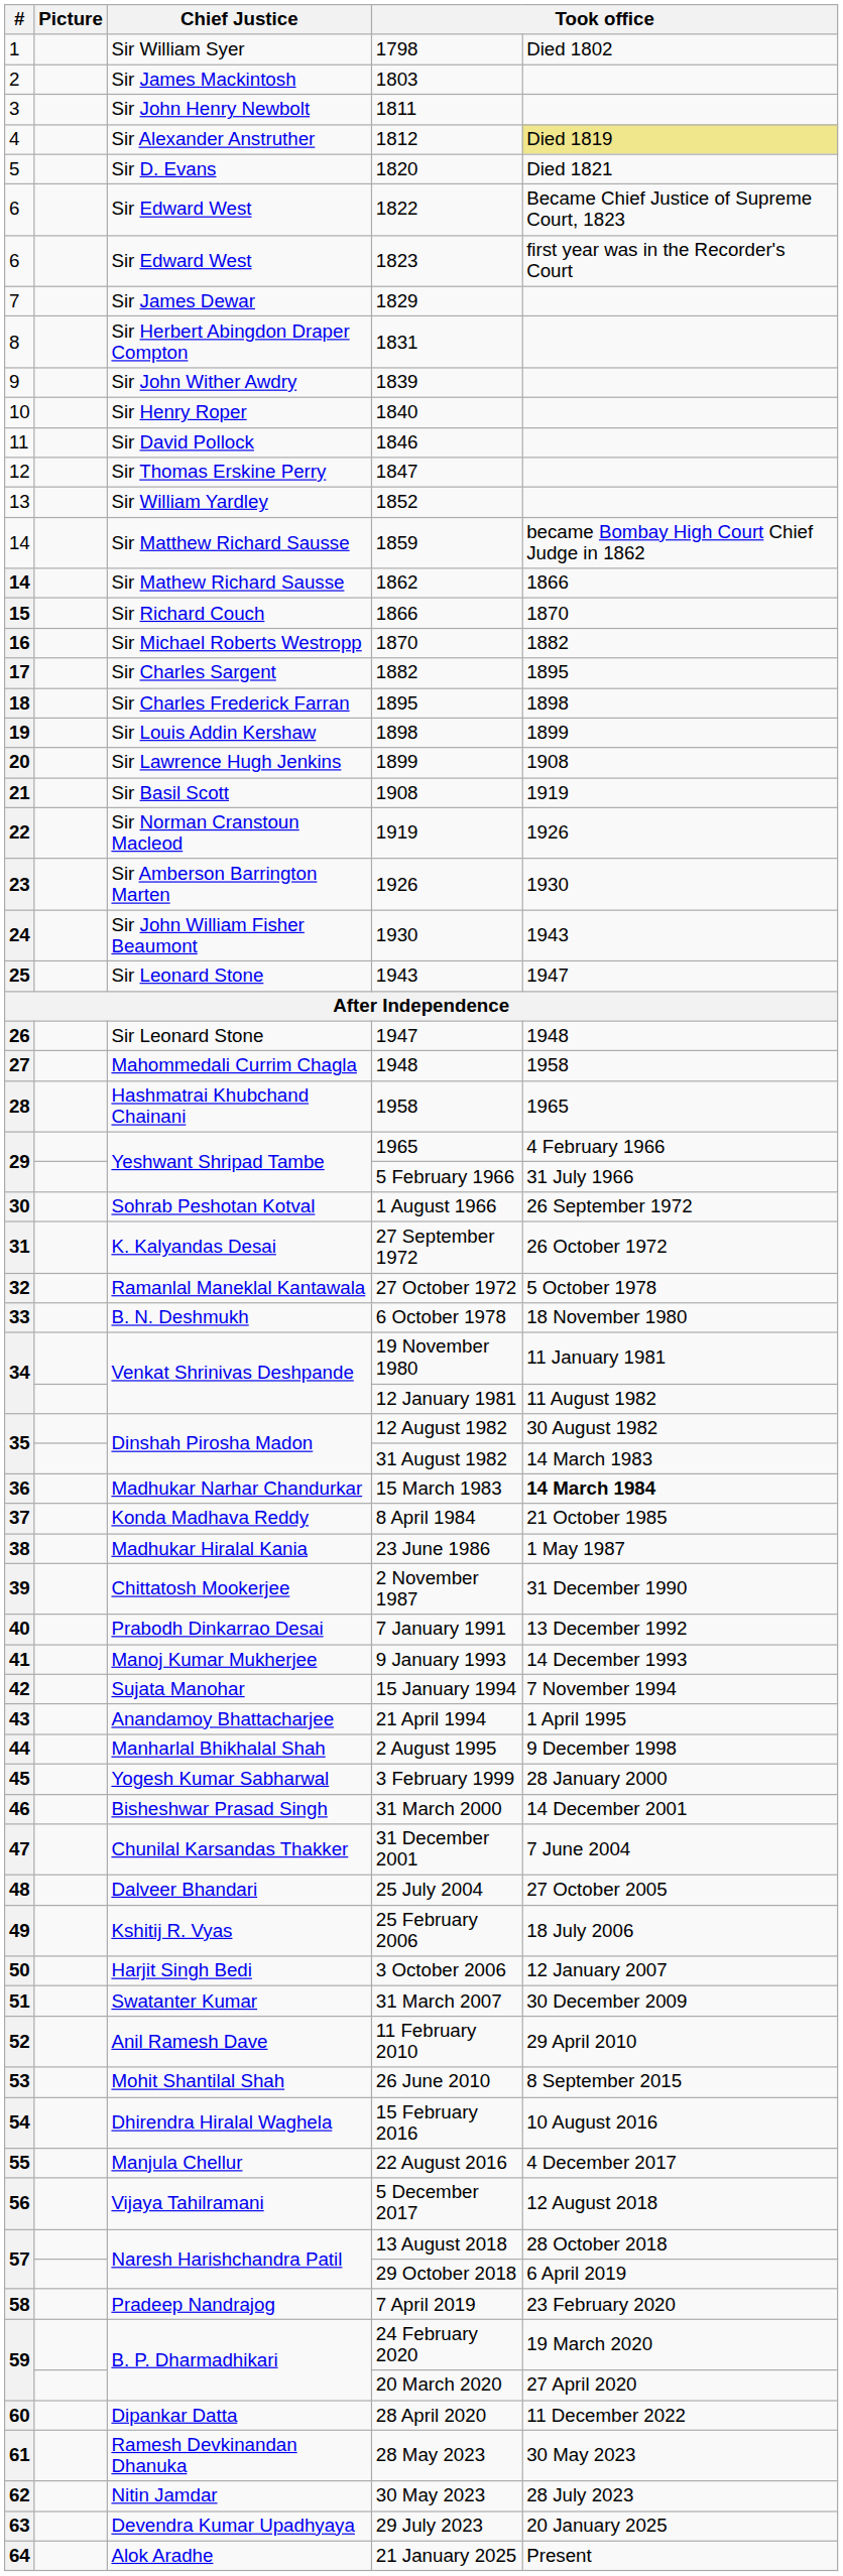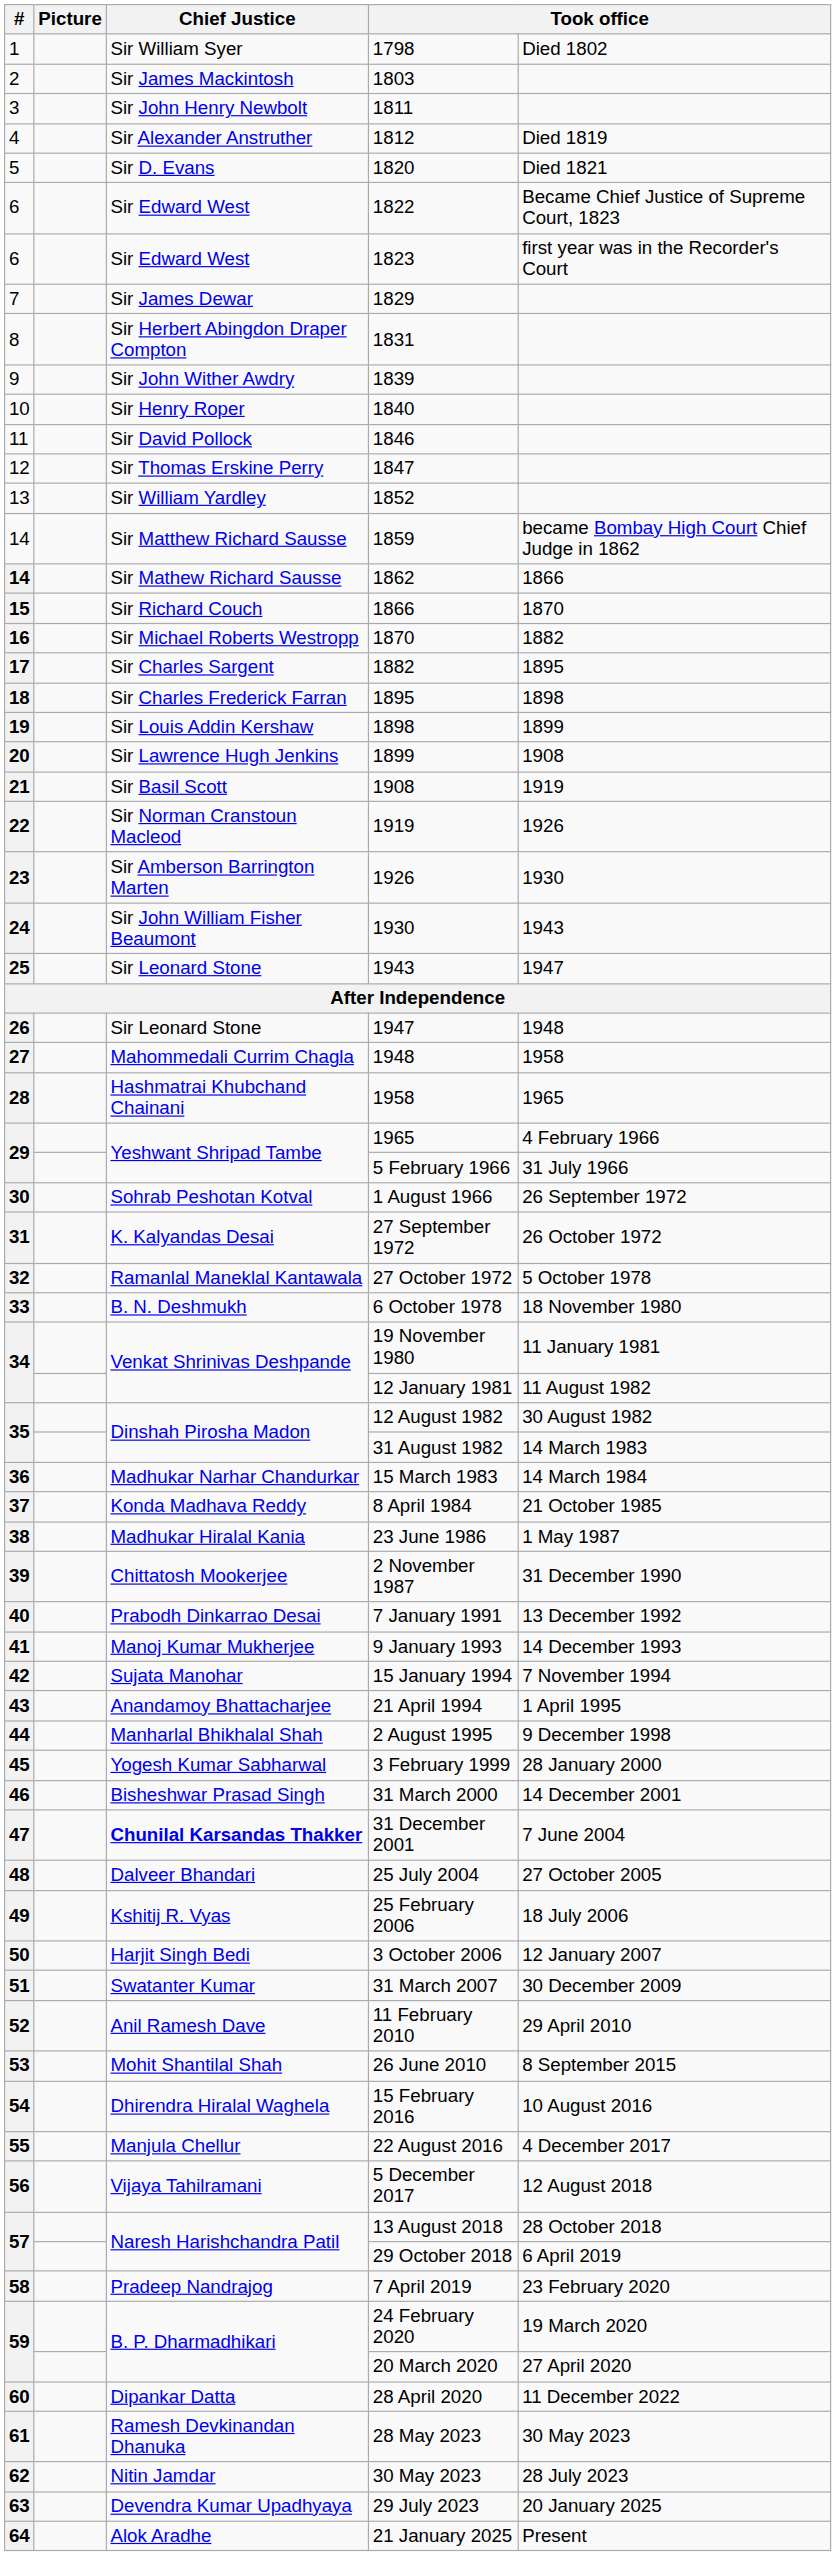 <table class="wikitable" width="80%">
 <tr>
 <th>#</th>
 <th>Picture</th>
 <th>Chief Justice</th>
 <th colspan="2">Took office</th>
 </tr>
 <tr>
 <td>1</td>
 <td></td>
 <td>Sir William Syer </td>
 <td>1798</td>
 <td>Died 1802</td>
 </tr>
 <tr>
 <td>2</td>
 <td></td>
 <td>Sir <a href='#'>James Mackintosh</a></td>
 <td>1803</td>
 <td></td>
 </tr>
 <tr>
 <td>3</td>
 <td></td>
 <td>Sir <a href='#'>John Henry Newbolt</a></td>
 <td>1811</td>
 <td></td>
 </tr>
 <tr>
 <td>4</td>
 <td></td>
 <td>Sir <a href='#'>Alexander Anstruther</a></td>
 <td>1812</td>
-<td style="background: khaki;">Died 1819</td>
+<td>Died 1819</td>
 </tr>
 <tr>
 <td>5</td>
 <td></td>
 <td>Sir <a href='#'>D. Evans</a></td>
 <td>1820</td>
 <td>Died 1821</td>
 </tr>
 <tr>
 <td>6</td>
 <td></td>
 <td>Sir <a href='#'>Edward West</a></td>
 <td>1822</td>
 <td>Became Chief Justice of Supreme Court, 1823</td>
 </tr>
 <tr>
 <td>6</td>
 <td></td>
 <td>Sir <a href='#'>Edward West</a></td>
 <td>1823</td>
 <td>first year was in the Recorder's Court</td>
 </tr>
 <tr>
 <td>7</td>
 <td></td>
 <td>Sir <a href='#'>James Dewar</a></td>
 <td>1829</td>
 <td></td>
 </tr>
 <tr>
 <td>8</td>
 <td></td>
 <td>Sir <a href='#'>Herbert Abingdon Draper Compton</a></td>
 <td>1831</td>
 <td></td>
 </tr>
 <tr>
 <td>9</td>
 <td></td>
 <td>Sir <a href='#'>John Wither Awdry</a></td>
 <td>1839</td>
 <td></td>
 </tr>
 <tr>
 <td>10</td>
 <td></td>
 <td>Sir <a href='#'>Henry Roper</a></td>
 <td>1840</td>
 <td></td>
 </tr>
 <tr>
 <td>11</td>
 <td></td>
 <td>Sir <a href='#'>David Pollock</a></td>
 <td>1846</td>
 <td></td>
 </tr>
 <tr>
 <td>12</td>
 <td></td>
 <td>Sir <a href='#'>Thomas Erskine Perry</a></td>
 <td>1847</td>
 <td></td>
 </tr>
 <tr>
 <td>13</td>
 <td></td>
 <td>Sir <a href='#'>William Yardley</a></td>
 <td>1852</td>
 <td></td>
 </tr>
 <tr>
 <td>14</td>
 <td></td>
 <td>Sir <a href='#'>Matthew Richard Sausse</a></td>
 <td>1859</td>
 <td>became <a href='#'>Bombay High Court</a> Chief Judge in 1862</td>
 </tr>
 <tr>
 <th>14</th>
 <td></td>
 <td>Sir <a href='#'>Mathew Richard Sausse</a></td>
 <td>1862</td>
 <td>1866</td>
 </tr>
 <tr>
 <th>15</th>
 <td></td>
 <td>Sir <a href='#'>Richard Couch</a></td>
 <td>1866</td>
 <td>1870</td>
 </tr>
 <tr>
 <th>16</th>
 <td></td>
 <td>Sir <a href='#'>Michael Roberts Westropp</a></td>
 <td>1870</td>
 <td>1882</td>
 </tr>
 <tr>
 <th>17</th>
 <td></td>
 <td>Sir <a href='#'>Charles Sargent</a></td>
 <td>1882</td>
 <td>1895</td>
 </tr>
 <tr>
 <th>18</th>
 <td></td>
 <td>Sir <a href='#'>Charles Frederick Farran</a></td>
 <td>1895</td>
 <td>1898</td>
 </tr>
 <tr>
 <th>19</th>
 <td></td>
 <td>Sir <a href='#'>Louis Addin Kershaw</a></td>
 <td>1898</td>
 <td>1899</td>
 </tr>
 <tr>
 <th>20</th>
 <td></td>
 <td>Sir <a href='#'>Lawrence Hugh Jenkins</a></td>
 <td>1899</td>
 <td>1908</td>
 </tr>
 <tr>
 <th>21</th>
 <td></td>
 <td>Sir <a href='#'>Basil Scott</a></td>
 <td>1908</td>
 <td>1919</td>
 </tr>
 <tr>
 <th>22</th>
 <td></td>
 <td>Sir <a href='#'>Norman Cranstoun Macleod</a></td>
 <td>1919</td>
 <td>1926</td>
 </tr>
 <tr>
 <th>23</th>
 <td></td>
 <td>Sir <a href='#'>Amberson Barrington Marten</a></td>
 <td>1926</td>
 <td>1930</td>
 </tr>
 <tr>
 <th>24</th>
 <td></td>
 <td>Sir <a href='#'>John William Fisher Beaumont</a></td>
 <td>1930</td>
 <td>1943</td>
 </tr>
 <tr>
 <th>25</th>
 <td></td>
 <td>Sir <a href='#'>Leonard Stone</a></td>
 <td>1943</td>
 <td>1947</td>
 </tr>
 <tr>
 <th colspan="5">After Independence</th>
 </tr>
 <tr>
 <th>26</th>
 <td></td>
 <td>Sir Leonard Stone</td>
 <td>1947</td>
 <td>1948</td>
 </tr>
 <tr>
 <th>27</th>
 <td></td>
 <td><a href='#'>Mahommedali Currim Chagla</a></td>
 <td>1948</td>
 <td>1958</td>
 </tr>
 <tr>
 <th>28</th>
 <td></td>
 <td><a href='#'>Hashmatrai Khubchand Chainani</a></td>
 <td>1958</td>
 <td>1965</td>
 </tr>
 <tr>
 <th rowspan="2">29</th>
 <td></td>
 <td rowspan="2"><a href='#'>Yeshwant Shripad Tambe</a></td>
 <td>1965</td>
 <td>4 February 1966</td>
 </tr>
 <tr>
 <td></td>
 <td>5 February 1966</td>
 <td>31 July 1966</td>
 </tr>
 <tr>
 <th>30</th>
 <td></td>
 <td><a href='#'>Sohrab Peshotan Kotval</a></td>
 <td>1 August 1966</td>
 <td>26 September 1972</td>
 </tr>
 <tr>
 <th>31</th>
 <td></td>
 <td><a href='#'>K. Kalyandas Desai</a></td>
 <td>27 September 1972</td>
 <td>26 October 1972</td>
 </tr>
 <tr>
 <th>32</th>
 <td></td>
 <td><a href='#'>Ramanlal Maneklal Kantawala</a></td>
 <td>27 October 1972</td>
 <td>5 October 1978</td>
 </tr>
 <tr>
 <th>33</th>
 <td></td>
 <td><a href='#'>B. N. Deshmukh</a></td>
 <td>6 October 1978</td>
 <td>18 November 1980</td>
 </tr>
 <tr>
 <th rowspan="2">34</th>
 <td></td>
 <td rowspan="2"><a href='#'>Venkat Shrinivas Deshpande</a></td>
 <td>19 November 1980</td>
 <td>11 January 1981</td>
 </tr>
 <tr>
 <td></td>
 <td>12 January 1981</td>
 <td>11 August 1982</td>
 </tr>
 <tr>
 <th rowspan="2">35</th>
 <td></td>
 <td rowspan="2"><a href='#'>Dinshah Pirosha Madon</a></td>
 <td>12 August 1982</td>
 <td>30 August 1982</td>
 </tr>
 <tr>
 <td></td>
 <td>31 August 1982</td>
 <td>14 March 1983</td>
 </tr>
 <tr>
 <th>36</th>
 <td></td>
 <td><a href='#'>Madhukar Narhar Chandurkar</a></td>
 <td>15 March 1983</td>
-<td><strong>14 March 1984</strong></td>
+<td>14 March 1984</td>
 </tr>
 <tr>
 <th>37</th>
 <td></td>
 <td><a href='#'>Konda Madhava Reddy</a></td>
 <td>8 April 1984</td>
 <td>21 October 1985</td>
 </tr>
 <tr>
 <th>38</th>
 <td></td>
 <td><a href='#'>Madhukar Hiralal Kania</a></td>
 <td>23 June 1986</td>
 <td>1 May 1987</td>
 </tr>
 <tr>
 <th>39</th>
 <td></td>
 <td><a href='#'>Chittatosh Mookerjee</a></td>
 <td>2 November 1987</td>
 <td>31 December 1990</td>
 </tr>
 <tr>
 <th>40</th>
 <td></td>
 <td><a href='#'>Prabodh Dinkarrao Desai</a></td>
 <td>7 January 1991</td>
 <td>13 December 1992</td>
 </tr>
 <tr>
 <th>41</th>
 <td></td>
 <td><a href='#'>Manoj Kumar Mukherjee</a></td>
 <td>9 January 1993</td>
 <td>14 December 1993</td>
 </tr>
 <tr>
 <th>42</th>
 <td></td>
 <td><a href='#'>Sujata Manohar</a></td>
 <td>15 January 1994</td>
 <td>7 November 1994</td>
 </tr>
 <tr>
 <th>43</th>
 <td></td>
 <td><a href='#'>Anandamoy Bhattacharjee</a></td>
 <td>21 April 1994</td>
 <td>1 April 1995</td>
 </tr>
 <tr>
 <th>44</th>
 <td></td>
 <td><a href='#'>Manharlal Bhikhalal Shah</a></td>
 <td>2 August 1995</td>
 <td>9 December 1998</td>
 </tr>
 <tr>
 <th>45</th>
 <td></td>
 <td><a href='#'>Yogesh Kumar Sabharwal</a></td>
 <td>3 February 1999</td>
 <td>28 January 2000</td>
 </tr>
 <tr>
 <th>46</th>
 <td></td>
 <td><a href='#'>Bisheshwar Prasad Singh</a></td>
 <td>31 March 2000</td>
 <td>14 December 2001</td>
 </tr>
 <tr>
 <th>47</th>
 <td></td>
-<td><a href='#'>Chunilal Karsandas Thakker</a></td>
+<td><strong><a href='#'>Chunilal Karsandas Thakker</a></strong></td>
 <td>31 December 2001</td>
 <td>7 June 2004</td>
 </tr>
 <tr>
 <th>48</th>
 <td></td>
 <td><a href='#'>Dalveer Bhandari</a></td>
 <td>25 July 2004</td>
 <td>27 October 2005</td>
 </tr>
 <tr>
 <th>49</th>
 <td></td>
 <td><a href='#'>Kshitij R. Vyas</a></td>
 <td>25 February 2006</td>
 <td>18 July 2006</td>
 </tr>
 <tr>
 <th>50</th>
 <td></td>
 <td><a href='#'>Harjit Singh Bedi</a></td>
 <td>3 October 2006</td>
 <td>12 January 2007</td>
 </tr>
 <tr>
 <th>51</th>
 <td></td>
 <td><a href='#'>Swatanter Kumar</a></td>
 <td>31 March 2007</td>
 <td>30 December 2009</td>
 </tr>
 <tr>
 <th>52</th>
 <td></td>
 <td><a href='#'>Anil Ramesh Dave</a></td>
 <td>11 February 2010</td>
 <td>29 April 2010</td>
 </tr>
 <tr>
 <th>53</th>
 <td></td>
 <td><a href='#'>Mohit Shantilal Shah</a></td>
 <td>26 June 2010</td>
 <td>8 September 2015</td>
 </tr>
 <tr>
 <th>54</th>
 <td></td>
 <td><a href='#'>Dhirendra Hiralal Waghela</a></td>
 <td>15 February 2016</td>
 <td>10 August 2016</td>
 </tr>
 <tr>
 <th>55</th>
 <td></td>
 <td><a href='#'>Manjula Chellur</a></td>
 <td>22 August 2016</td>
 <td>4 December 2017</td>
 </tr>
 <tr>
 <th>56</th>
 <td></td>
 <td><a href='#'>Vijaya Tahilramani</a></td>
 <td>5 December 2017</td>
 <td>12 August 2018</td>
 </tr>
 <tr>
 <th rowspan="2">57</th>
 <td></td>
 <td rowspan="2"><a href='#'>Naresh Harishchandra Patil</a></td>
 <td>13 August 2018</td>
 <td>28 October 2018</td>
 </tr>
 <tr>
 <td></td>
 <td>29 October 2018</td>
 <td>6 April 2019</td>
 </tr>
 <tr>
 <th>58</th>
 <td></td>
 <td><a href='#'>Pradeep Nandrajog</a></td>
 <td>7 April 2019</td>
 <td>23 February 2020</td>
 </tr>
 <tr>
 <th rowspan="2">59</th>
 <td></td>
 <td rowspan="2"><a href='#'>B. P. Dharmadhikari</a></td>
 <td>24 February 2020</td>
 <td>19 March 2020</td>
 </tr>
 <tr>
 <td></td>
 <td>20 March 2020</td>
 <td>27 April 2020</td>
 </tr>
 <tr>
 <th>60</th>
 <td></td>
 <td><a href='#'>Dipankar Datta</a></td>
 <td>28 April 2020</td>
 <td>11 December 2022</td>
 </tr>
 <tr>
 <th>61</th>
 <td></td>
 <td><a href='#'>Ramesh Devkinandan Dhanuka</a></td>
 <td>28 May 2023</td>
 <td>30 May 2023</td>
 </tr>
 <tr>
 <th>62</th>
 <td></td>
 <td><a href='#'>Nitin Jamdar</a></td>
 <td>30 May 2023</td>
 <td>28 July 2023</td>
 </tr>
 <tr>
 <th>63</th>
 <td></td>
 <td><a href='#'>Devendra Kumar Upadhyaya</a></td>
 <td>29 July 2023</td>
 <td>20 January 2025</td>
 </tr>
 <tr>
 <th>64</th>
 <td></td>
 <td><a href='#'>Alok Aradhe</a></td>
 <td>21 January 2025</td>
 <td>Present</td>
 </tr>
 </table>
